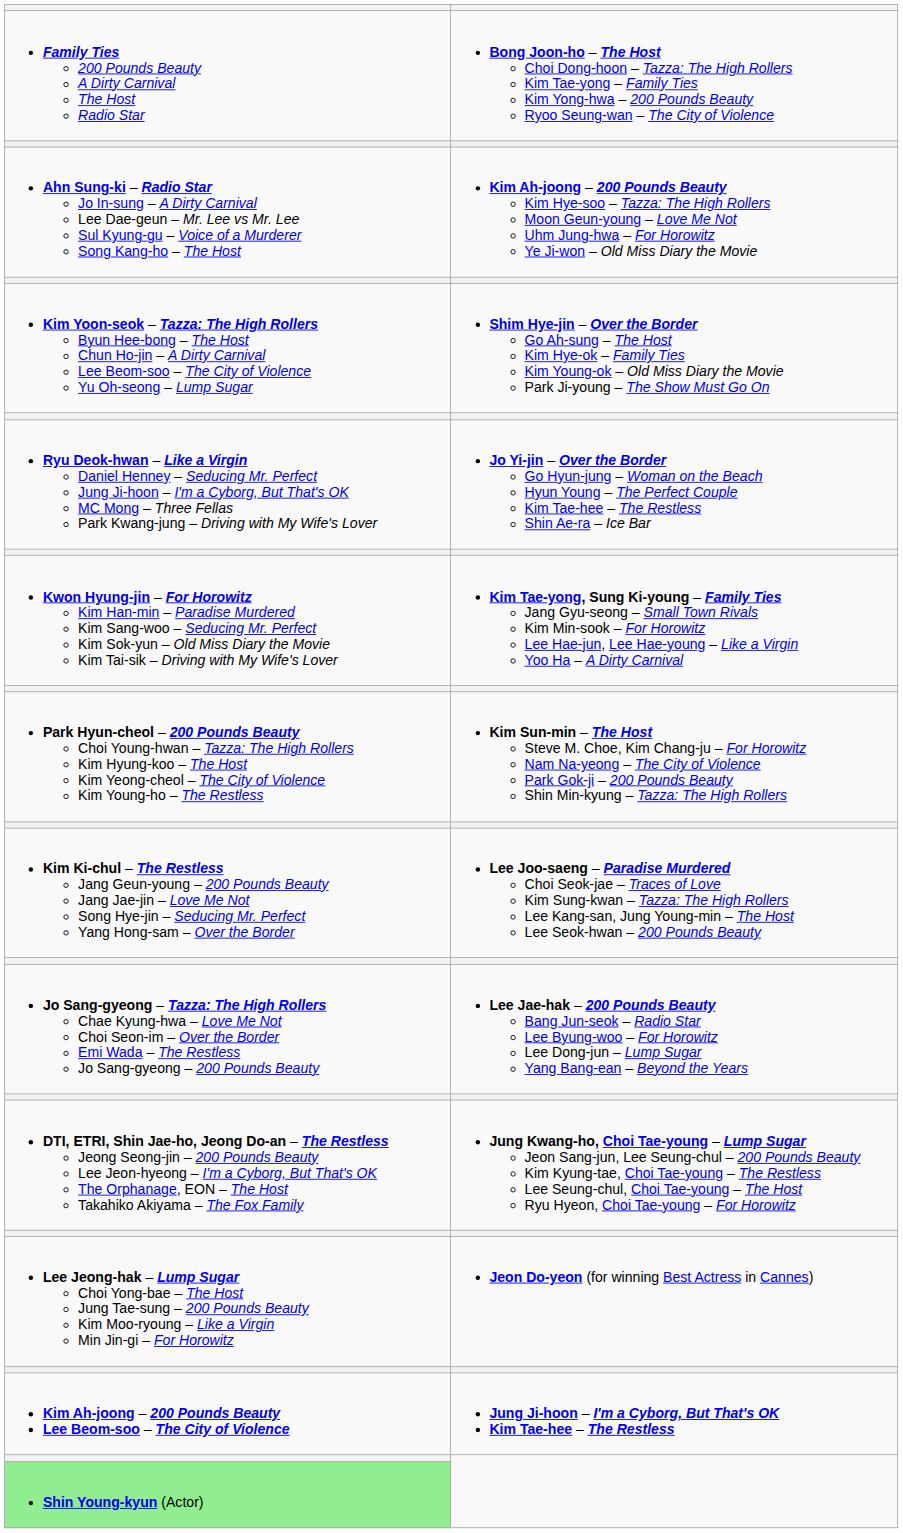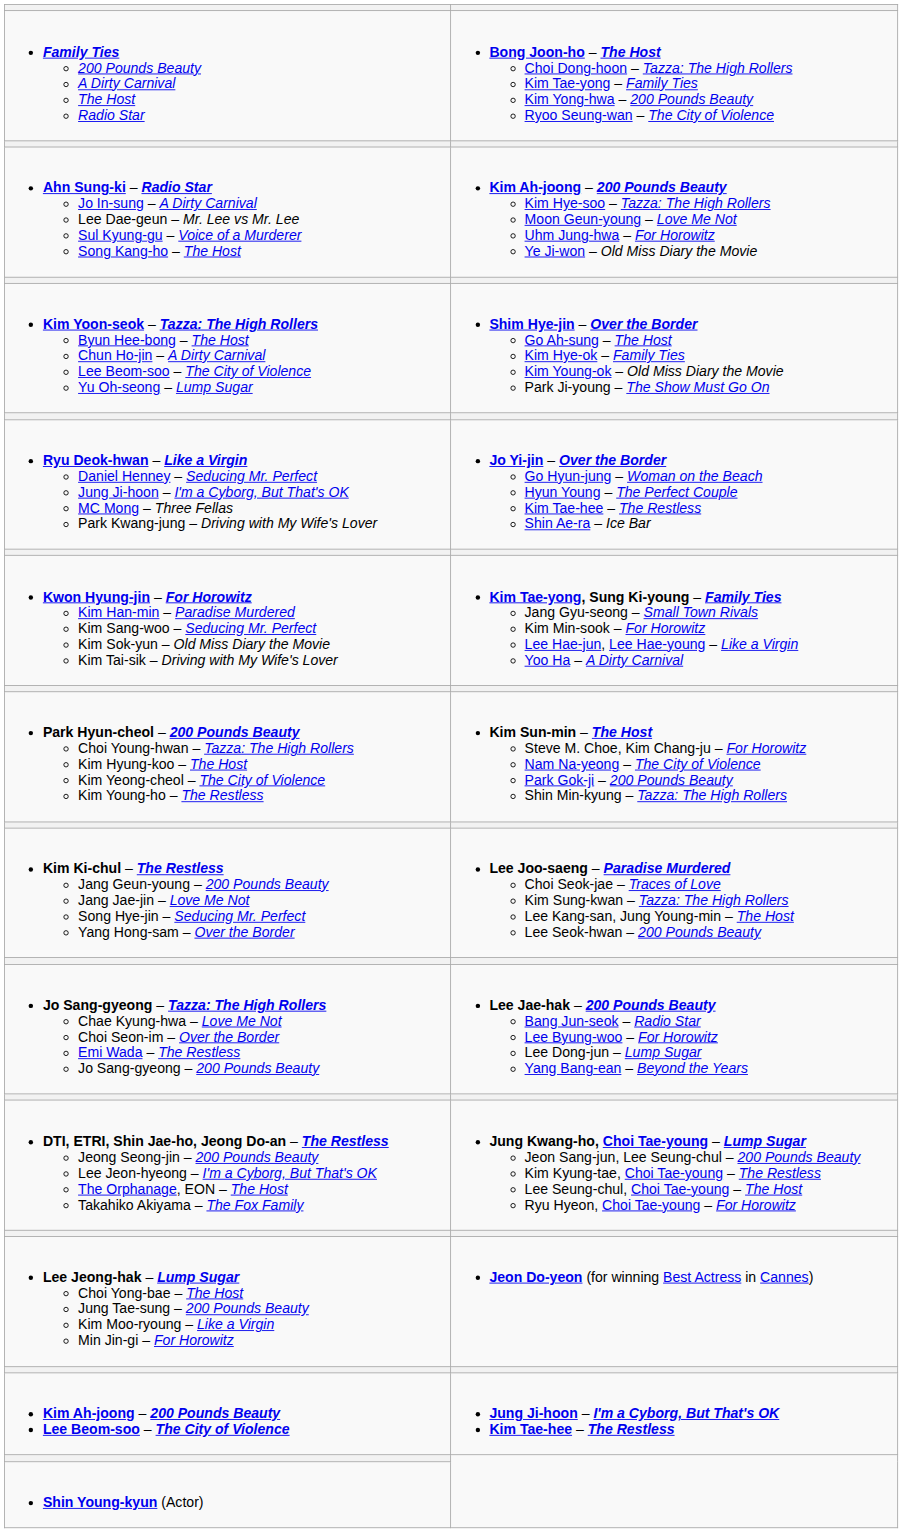 <table class="wikitable">
 <tr>
 <th style="width:500px;"></th>
 <th style="width:500px;"></th>
 </tr>
 <tr>
 <td valign="top"><br><ul><li><strong><em><a href='#'>Family Ties</a></em></strong><ul><li><em><a href='#'>200 Pounds Beauty</a></em></li><li><em><a href='#'>A Dirty Carnival</a></em></li><li><em><a href='#'>The Host</a></em></li><li><em><a href='#'>Radio Star</a></em></li></ul></li></ul></td>
 <td valign="top"><br><ul><li><strong><a href='#'>Bong Joon-ho</a></strong> – <strong><em><a href='#'>The Host</a></em></strong><ul><li><a href='#'>Choi Dong-hoon</a> – <em><a href='#'>Tazza: The High Rollers</a></em></li><li><a href='#'>Kim Tae-yong</a> – <em><a href='#'>Family Ties</a></em></li><li><a href='#'>Kim Yong-hwa</a> – <em><a href='#'>200 Pounds Beauty</a></em></li><li><a href='#'>Ryoo Seung-wan</a> – <em><a href='#'>The City of Violence</a></em></li></ul></li></ul></td>
 </tr>
 <tr>
 <th></th>
 <th></th>
 </tr>
 <tr>
 <td valign="top"><br><ul><li><strong><a href='#'>Ahn Sung-ki</a></strong> – <strong><em><a href='#'>Radio Star</a></em></strong><ul><li><a href='#'>Jo In-sung</a> – <em><a href='#'>A Dirty Carnival</a></em></li><li>Lee Dae-geun – <em>Mr. Lee vs Mr. Lee</em></li><li><a href='#'>Sul Kyung-gu</a> – <em><a href='#'>Voice of a Murderer</a></em></li><li><a href='#'>Song Kang-ho</a> – <em><a href='#'>The Host</a></em></li></ul></li></ul></td>
 <td valign="top"><br><ul><li><strong><a href='#'>Kim Ah-joong</a></strong> – <strong><em><a href='#'>200 Pounds Beauty</a></em></strong><ul><li><a href='#'>Kim Hye-soo</a> – <em><a href='#'>Tazza: The High Rollers</a></em></li><li><a href='#'>Moon Geun-young</a> – <em><a href='#'>Love Me Not</a></em></li><li><a href='#'>Uhm Jung-hwa</a> – <em><a href='#'>For Horowitz</a></em></li><li><a href='#'>Ye Ji-won</a> – <em>Old Miss Diary the Movie</em></li></ul></li></ul></td>
 </tr>
 <tr>
 <th></th>
 <th></th>
 </tr>
 <tr>
 <td valign="top"><br><ul><li><strong><a href='#'>Kim Yoon-seok</a></strong> – <strong><em><a href='#'>Tazza: The High Rollers</a></em></strong><ul><li><a href='#'>Byun Hee-bong</a> – <em><a href='#'>The Host</a></em></li><li><a href='#'>Chun Ho-jin</a> – <em><a href='#'>A Dirty Carnival</a></em></li><li><a href='#'>Lee Beom-soo</a> – <em><a href='#'>The City of Violence</a></em></li><li><a href='#'>Yu Oh-seong</a> – <em><a href='#'>Lump Sugar</a></em></li></ul></li></ul></td>
 <td valign="top"><br><ul><li><strong><a href='#'>Shim Hye-jin</a></strong> – <strong><em><a href='#'>Over the Border</a></em></strong><ul><li><a href='#'>Go Ah-sung</a> – <em><a href='#'>The Host</a></em></li><li><a href='#'>Kim Hye-ok</a> – <em><a href='#'>Family Ties</a></em></li><li><a href='#'>Kim Young-ok</a> – <em>Old Miss Diary the Movie</em></li><li>Park Ji-young – <em><a href='#'>The Show Must Go On</a></em></li></ul></li></ul></td>
 </tr>
 <tr>
 <th></th>
 <th></th>
 </tr>
 <tr>
 <td valign="top"><br><ul><li><strong><a href='#'>Ryu Deok-hwan</a></strong> – <strong><em><a href='#'>Like a Virgin</a></em></strong><ul><li><a href='#'>Daniel Henney</a> – <em><a href='#'>Seducing Mr. Perfect</a></em></li><li><a href='#'>Jung Ji-hoon</a> – <em><a href='#'>I'm a Cyborg, But That's OK</a></em></li><li><a href='#'>MC Mong</a> – <em>Three Fellas</em></li><li>Park Kwang-jung  – <em>Driving with My Wife's Lover</em></li></ul></li></ul></td>
 <td valign="top"><br><ul><li><strong><a href='#'>Jo Yi-jin</a></strong> – <strong><em><a href='#'>Over the Border</a></em></strong><ul><li><a href='#'>Go Hyun-jung</a> – <em><a href='#'>Woman on the Beach</a></em></li><li><a href='#'>Hyun Young</a> – <em><a href='#'>The Perfect Couple</a></em></li><li><a href='#'>Kim Tae-hee</a> – <em><a href='#'>The Restless</a></em></li><li><a href='#'>Shin Ae-ra</a> – <em>Ice Bar</em></li></ul></li></ul></td>
 </tr>
 <tr>
 <th></th>
 <th></th>
 </tr>
 <tr>
 <td valign="top"><br><ul><li><strong><a href='#'>Kwon Hyung-jin</a></strong>  – <strong><em><a href='#'>For Horowitz</a></em></strong><ul><li><a href='#'>Kim Han-min</a> – <em><a href='#'>Paradise Murdered</a></em></li><li>Kim Sang-woo – <em><a href='#'>Seducing Mr. Perfect</a></em></li><li>Kim Sok-yun – <em>Old Miss Diary the Movie</em></li><li>Kim Tai-sik  – <em>Driving with My Wife's Lover</em></li></ul></li></ul></td>
 <td valign="top"><br><ul><li><strong><a href='#'>Kim Tae-yong</a>, Sung Ki-young</strong> – <strong><em><a href='#'>Family Ties</a></em></strong><ul><li>Jang Gyu-seong – <em><a href='#'>Small Town Rivals</a></em></li><li>Kim Min-sook – <em><a href='#'>For Horowitz</a></em></li><li><a href='#'>Lee Hae-jun</a>, <a href='#'>Lee Hae-young</a> – <em><a href='#'>Like a Virgin</a></em></li><li><a href='#'>Yoo Ha</a> – <em><a href='#'>A Dirty Carnival</a></em></li></ul></li></ul></td>
 </tr>
 <tr>
 <th></th>
 <th></th>
 </tr>
 <tr>
 <td valign="top"><br><ul><li><strong>Park Hyun-cheol</strong> – <strong><em><a href='#'>200 Pounds Beauty</a></em></strong><ul><li>Choi Young-hwan – <em><a href='#'>Tazza: The High Rollers</a></em></li><li>Kim Hyung-koo – <em><a href='#'>The Host</a></em></li><li>Kim Yeong-cheol – <em><a href='#'>The City of Violence</a></em></li><li>Kim Young-ho – <em><a href='#'>The Restless</a></em></li></ul></li></ul></td>
 <td valign="top"><br><ul><li><strong>Kim Sun-min</strong> – <strong><em><a href='#'>The Host</a></em></strong><ul><li>Steve M. Choe, Kim Chang-ju – <em><a href='#'>For Horowitz</a></em></li><li><a href='#'>Nam Na-yeong</a> – <em><a href='#'>The City of Violence</a></em></li><li><a href='#'>Park Gok-ji</a> – <em><a href='#'>200 Pounds Beauty</a></em></li><li>Shin Min-kyung – <em><a href='#'>Tazza: The High Rollers</a></em></li></ul></li></ul></td>
 </tr>
 <tr>
 <th></th>
 <th></th>
 </tr>
 <tr>
 <td valign="top"><br><ul><li><strong>Kim Ki-chul</strong> – <strong><em><a href='#'>The Restless</a></em></strong><ul><li>Jang Geun-young – <em><a href='#'>200 Pounds Beauty</a></em></li><li>Jang Jae-jin – <em><a href='#'>Love Me Not</a></em></li><li>Song Hye-jin – <em><a href='#'>Seducing Mr. Perfect</a></em></li><li>Yang Hong-sam – <em><a href='#'>Over the Border</a></em></li></ul></li></ul></td>
 <td valign="top"><br><ul><li><strong>Lee Joo-saeng</strong> – <strong><em><a href='#'>Paradise Murdered</a></em></strong><ul><li>Choi Seok-jae – <em><a href='#'>Traces of Love</a></em></li><li>Kim Sung-kwan – <em><a href='#'>Tazza: The High Rollers</a></em></li><li>Lee Kang-san, Jung Young-min – <em><a href='#'>The Host</a></em></li><li>Lee Seok-hwan – <em><a href='#'>200 Pounds Beauty</a></em></li></ul></li></ul></td>
 </tr>
 <tr>
 <th></th>
 <th></th>
 </tr>
 <tr>
 <td valign="top"><br><ul><li><strong>Jo Sang-gyeong</strong> – <strong><em><a href='#'>Tazza: The High Rollers</a></em></strong><ul><li>Chae Kyung-hwa – <em><a href='#'>Love Me Not</a></em></li><li>Choi Seon-im – <em><a href='#'>Over the Border</a></em></li><li><a href='#'>Emi Wada</a> – <em><a href='#'>The Restless</a></em></li><li>Jo Sang-gyeong – <em><a href='#'>200 Pounds Beauty</a></em></li></ul></li></ul></td>
 <td valign="top"><br><ul><li><strong>Lee Jae-hak</strong> – <strong><em><a href='#'>200 Pounds Beauty</a></em></strong><ul><li><a href='#'>Bang Jun-seok</a> – <em><a href='#'>Radio Star</a></em></li><li><a href='#'>Lee Byung-woo</a> – <em><a href='#'>For Horowitz</a></em></li><li>Lee Dong-jun – <em><a href='#'>Lump Sugar</a></em></li><li><a href='#'>Yang Bang-ean</a> – <em><a href='#'>Beyond the Years</a></em></li></ul></li></ul></td>
 </tr>
 <tr>
 <th></th>
 <th></th>
 </tr>
 <tr>
 <td valign="top"><br><ul><li><strong>DTI, ETRI, Shin Jae-ho, Jeong Do-an</strong> – <strong><em><a href='#'>The Restless</a></em></strong><ul><li>Jeong Seong-jin – <em><a href='#'>200 Pounds Beauty</a></em></li><li>Lee Jeon-hyeong – <em><a href='#'>I'm a Cyborg, But That's OK</a></em></li><li><a href='#'>The Orphanage</a>, EON – <em><a href='#'>The Host</a></em></li><li>Takahiko Akiyama – <em><a href='#'>The Fox Family</a></em></li></ul></li></ul></td>
 <td valign="top"><br><ul><li><strong>Jung Kwang-ho, <a href='#'>Choi Tae-young</a></strong> – <strong><em><a href='#'>Lump Sugar</a></em></strong><ul><li>Jeon Sang-jun, Lee Seung-chul – <em><a href='#'>200 Pounds Beauty</a></em></li><li>Kim Kyung-tae, <a href='#'>Choi Tae-young</a> – <em><a href='#'>The Restless</a></em></li><li>Lee Seung-chul, <a href='#'>Choi Tae-young</a> – <em><a href='#'>The Host</a></em></li><li>Ryu Hyeon, <a href='#'>Choi Tae-young</a> – <em><a href='#'>For Horowitz</a></em></li></ul></li></ul></td>
 </tr>
 <tr>
 <th></th>
 <th></th>
 </tr>
 <tr>
 <td valign="top"><br><ul><li><strong>Lee Jeong-hak</strong> – <strong><em><a href='#'>Lump Sugar</a></em></strong><ul><li>Choi Yong-bae – <em><a href='#'>The Host</a></em></li><li>Jung Tae-sung – <em><a href='#'>200 Pounds Beauty</a></em></li><li>Kim Moo-ryoung – <em><a href='#'>Like a Virgin</a></em></li><li>Min Jin-gi – <em><a href='#'>For Horowitz</a></em></li></ul></li></ul></td>
 <td valign="top"><br><ul><li><strong><a href='#'>Jeon Do-yeon</a></strong> (for winning <a href='#'>Best Actress</a> in <a href='#'>Cannes</a>)</li></ul></td>
 </tr>
 <tr>
 <th></th>
 <th></th>
 </tr>
 <tr>
 <td valign="top"><br><ul><li><strong><a href='#'>Kim Ah-joong</a></strong> – <strong><em><a href='#'>200 Pounds Beauty</a></em></strong></li><li><strong><a href='#'>Lee Beom-soo</a></strong> – <strong><em><a href='#'>The City of Violence</a></em></strong></li></ul></td>
 <td valign="top"><br><ul><li><strong><a href='#'>Jung Ji-hoon</a></strong> – <strong><em><a href='#'>I'm a Cyborg, But That's OK</a></em></strong></li><li><strong><a href='#'>Kim Tae-hee</a></strong> – <strong><em><a href='#'>The Restless</a></em></strong></li></ul></td>
 </tr>
 <tr>
 <th></th>
 </tr>
 <tr>
-<td valign="top" style="background: lightgreen;"><br><ul><li><strong><a href='#'>Shin Young-kyun</a></strong> (Actor)</li></ul></td>
+<td valign="top"><br><ul><li><strong><a href='#'>Shin Young-kyun</a></strong> (Actor)</li></ul></td>
 </tr>
 </table>
